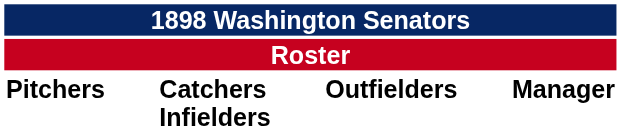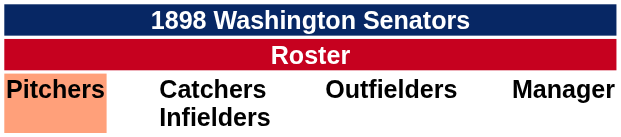 <table class="toccolours" style="font-size: 95%;">
 <tr>
 <th colspan="10" style="background-color: #072764; color: white; text-align: center;">1898 Washington Senators</th>
 </tr>
 <tr>
 <td colspan="10" style="background-color: #c6011f; color: white; text-align: center;"><strong>Roster</strong></td>
 </tr>
 <tr>
-<td valign="top"><strong>Pitchers</strong><br>          </td>
+<td valign="top" style="background: lightsalmon;"><strong>Pitchers</strong><br>          </td>
 <td width="25px"></td>
 <td valign="top"><strong>Catchers</strong><br>   <strong>Infielders</strong>             </td>
 <td width="25px"></td>
 <td valign="top"><strong>Outfielders</strong><br>         </td>
 <td width="25px"></td>
 <td valign="top"><strong>Manager</strong><br>   </td>
 </tr>
 <tr>
 </tr>
 </table>
